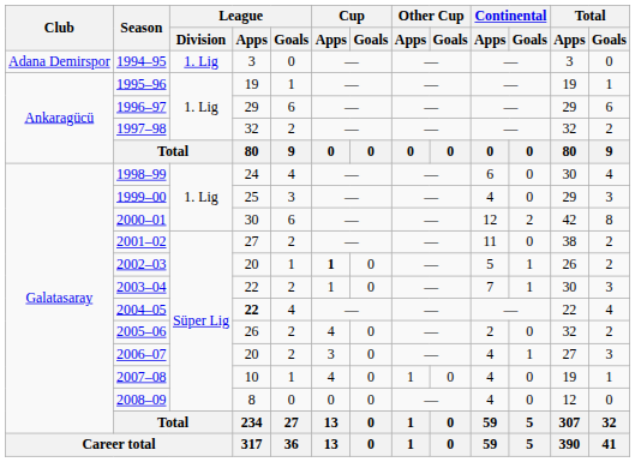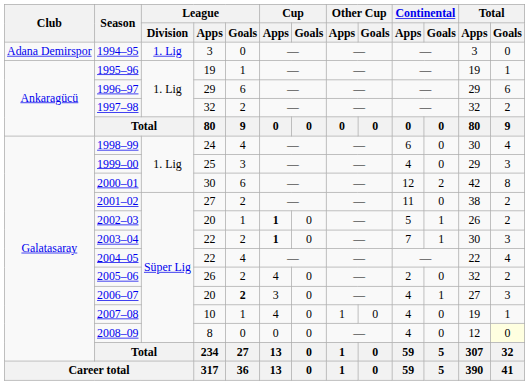 <table class="wikitable" style="text-align:center">
 <tr>
 <th rowspan="2">Club</th>
 <th rowspan="2">Season</th>
 <th colspan="3">League</th>
 <th colspan="2">Cup</th>
 <th colspan="2">Other Cup</th>
 <th colspan="2"><a href='#'>Continental</a></th>
 <th colspan="2">Total</th>
 </tr>
 <tr>
 <th>Division</th>
 <th>Apps</th>
 <th>Goals</th>
 <th>Apps</th>
 <th>Goals</th>
 <th>Apps</th>
 <th>Goals</th>
 <th>Apps</th>
 <th>Goals</th>
 <th>Apps</th>
 <th>Goals</th>
 </tr>
 <tr>
 <td><a href='#'>Adana Demirspor</a></td>
 <td><a href='#'>1994–95</a></td>
 <td><a href='#'>1. Lig</a></td>
 <td>3</td>
 <td>0</td>
 <td colspan="2">—</td>
 <td colspan="2">—</td>
 <td colspan="2">—</td>
 <td>3</td>
 <td>0</td>
 </tr>
 <tr>
 <td rowspan="4"><a href='#'>Ankaragücü</a></td>
 <td><a href='#'>1995–96</a></td>
 <td rowspan="3">1. Lig</td>
 <td>19</td>
 <td>1</td>
 <td colspan="2">—</td>
 <td colspan="2">—</td>
 <td colspan="2">—</td>
 <td>19</td>
 <td>1</td>
 </tr>
 <tr>
 <td><a href='#'>1996–97</a></td>
 <td>29</td>
 <td>6</td>
 <td colspan="2">—</td>
 <td colspan="2">—</td>
 <td colspan="2">—</td>
 <td>29</td>
 <td>6</td>
 </tr>
 <tr>
 <td><a href='#'>1997–98</a></td>
 <td>32</td>
 <td>2</td>
 <td colspan="2">—</td>
 <td colspan="2">—</td>
 <td colspan="2">—</td>
 <td>32</td>
 <td>2</td>
 </tr>
 <tr>
 <th colspan="2">Total</th>
 <th>80</th>
 <th>9</th>
 <th>0</th>
 <th>0</th>
 <th>0</th>
 <th>0</th>
 <th>0</th>
 <th>0</th>
 <th>80</th>
 <th>9</th>
 </tr>
 <tr>
 <td rowspan="12"><a href='#'>Galatasaray</a></td>
 <td><a href='#'>1998–99</a></td>
 <td rowspan="3">1. Lig</td>
 <td>24</td>
 <td>4</td>
 <td colspan="2">—</td>
 <td colspan="2">—</td>
 <td>6</td>
 <td>0</td>
 <td>30</td>
 <td>4</td>
 </tr>
 <tr>
 <td><a href='#'>1999–00</a></td>
 <td>25</td>
 <td>3</td>
 <td colspan="2">—</td>
 <td colspan="2">—</td>
 <td>4</td>
 <td>0</td>
 <td>29</td>
 <td>3</td>
 </tr>
 <tr>
 <td><a href='#'>2000–01</a></td>
 <td>30</td>
 <td>6</td>
 <td colspan="2">—</td>
 <td colspan="2">—</td>
 <td>12</td>
 <td>2</td>
 <td>42</td>
 <td>8</td>
 </tr>
 <tr>
 <td><a href='#'>2001–02</a></td>
 <td rowspan="8"><a href='#'>Süper Lig</a></td>
 <td>27</td>
 <td>2</td>
 <td colspan="2">—</td>
 <td colspan="2">—</td>
 <td>11</td>
 <td>0</td>
 <td>38</td>
 <td>2</td>
 </tr>
 <tr>
 <td><a href='#'>2002–03</a></td>
 <td>20</td>
 <td>1</td>
 <td><strong>1</strong></td>
 <td>0</td>
 <td colspan="2">—</td>
 <td>5</td>
 <td>1</td>
 <td>26</td>
 <td>2</td>
 </tr>
 <tr>
 <td><a href='#'>2003–04</a></td>
 <td>22</td>
 <td>2</td>
-<td>1</td>
+<td><strong>1</strong></td>
 <td>0</td>
 <td colspan="2">—</td>
 <td>7</td>
 <td>1</td>
 <td>30</td>
 <td>3</td>
 </tr>
 <tr>
 <td><a href='#'>2004–05</a></td>
-<td><strong>22</strong></td>
+<td>22</td>
 <td>4</td>
 <td colspan="2">—</td>
 <td colspan="2">—</td>
 <td colspan="2">—</td>
 <td>22</td>
 <td>4</td>
 </tr>
 <tr>
 <td><a href='#'>2005–06</a></td>
 <td>26</td>
 <td>2</td>
 <td>4</td>
 <td>0</td>
 <td colspan="2">—</td>
 <td>2</td>
 <td>0</td>
 <td>32</td>
 <td>2</td>
 </tr>
 <tr>
 <td><a href='#'>2006–07</a></td>
 <td>20</td>
-<td>2</td>
+<td><strong>2</strong></td>
 <td>3</td>
 <td>0</td>
 <td colspan="2">—</td>
 <td>4</td>
 <td>1</td>
 <td>27</td>
 <td>3</td>
 </tr>
 <tr>
 <td><a href='#'>2007–08</a></td>
 <td>10</td>
 <td>1</td>
 <td>4</td>
 <td>0</td>
 <td>1</td>
 <td>0</td>
 <td>4</td>
 <td>0</td>
 <td>19</td>
 <td>1</td>
 </tr>
 <tr>
 <td><a href='#'>2008–09</a></td>
 <td>8</td>
 <td>0</td>
 <td>0</td>
 <td>0</td>
 <td colspan="2">—</td>
 <td>4</td>
 <td>0</td>
 <td>12</td>
-<td>0</td>
+<td style="background: lightyellow;">0</td>
 </tr>
 <tr>
 <th colspan="2">Total</th>
 <th>234</th>
 <th>27</th>
 <th>13</th>
 <th>0</th>
 <th>1</th>
 <th>0</th>
 <th>59</th>
 <th>5</th>
 <th>307</th>
 <th>32</th>
 </tr>
 <tr>
 <th colspan="3">Career total</th>
 <th>317</th>
 <th>36</th>
 <th>13</th>
 <th>0</th>
 <th>1</th>
 <th>0</th>
 <th>59</th>
 <th>5</th>
 <th>390</th>
 <th>41</th>
 </tr>
 </table>
